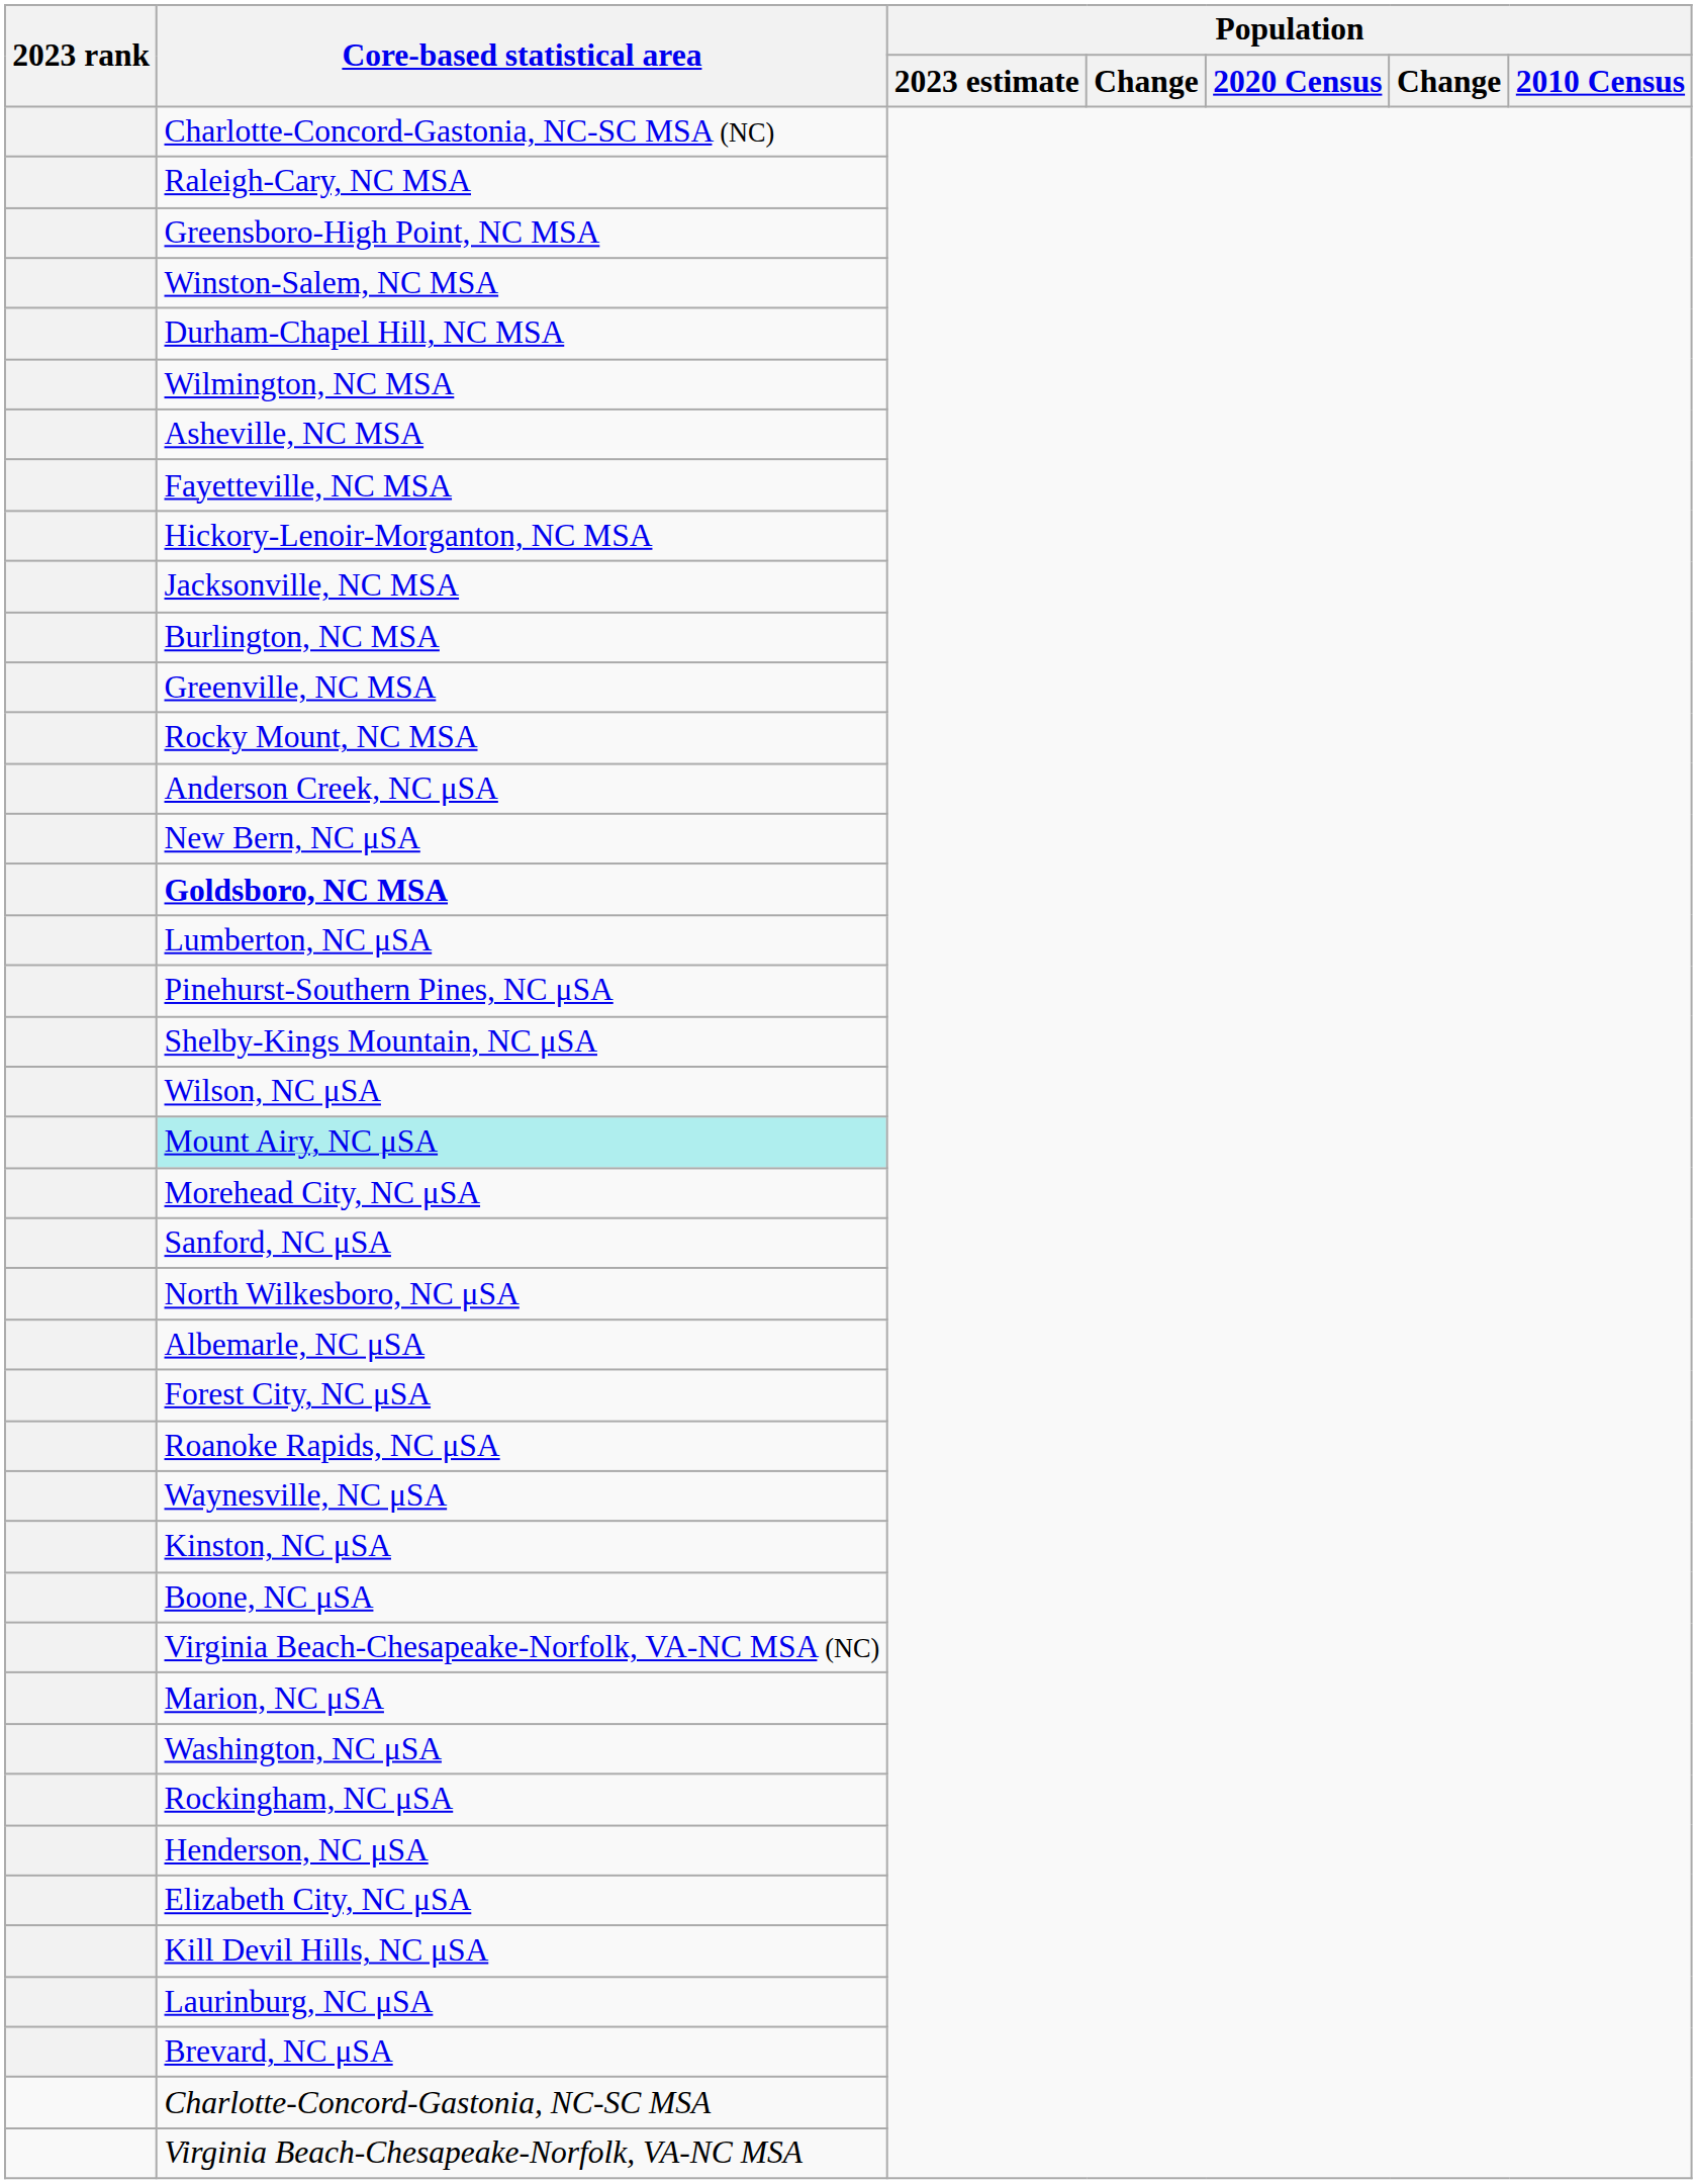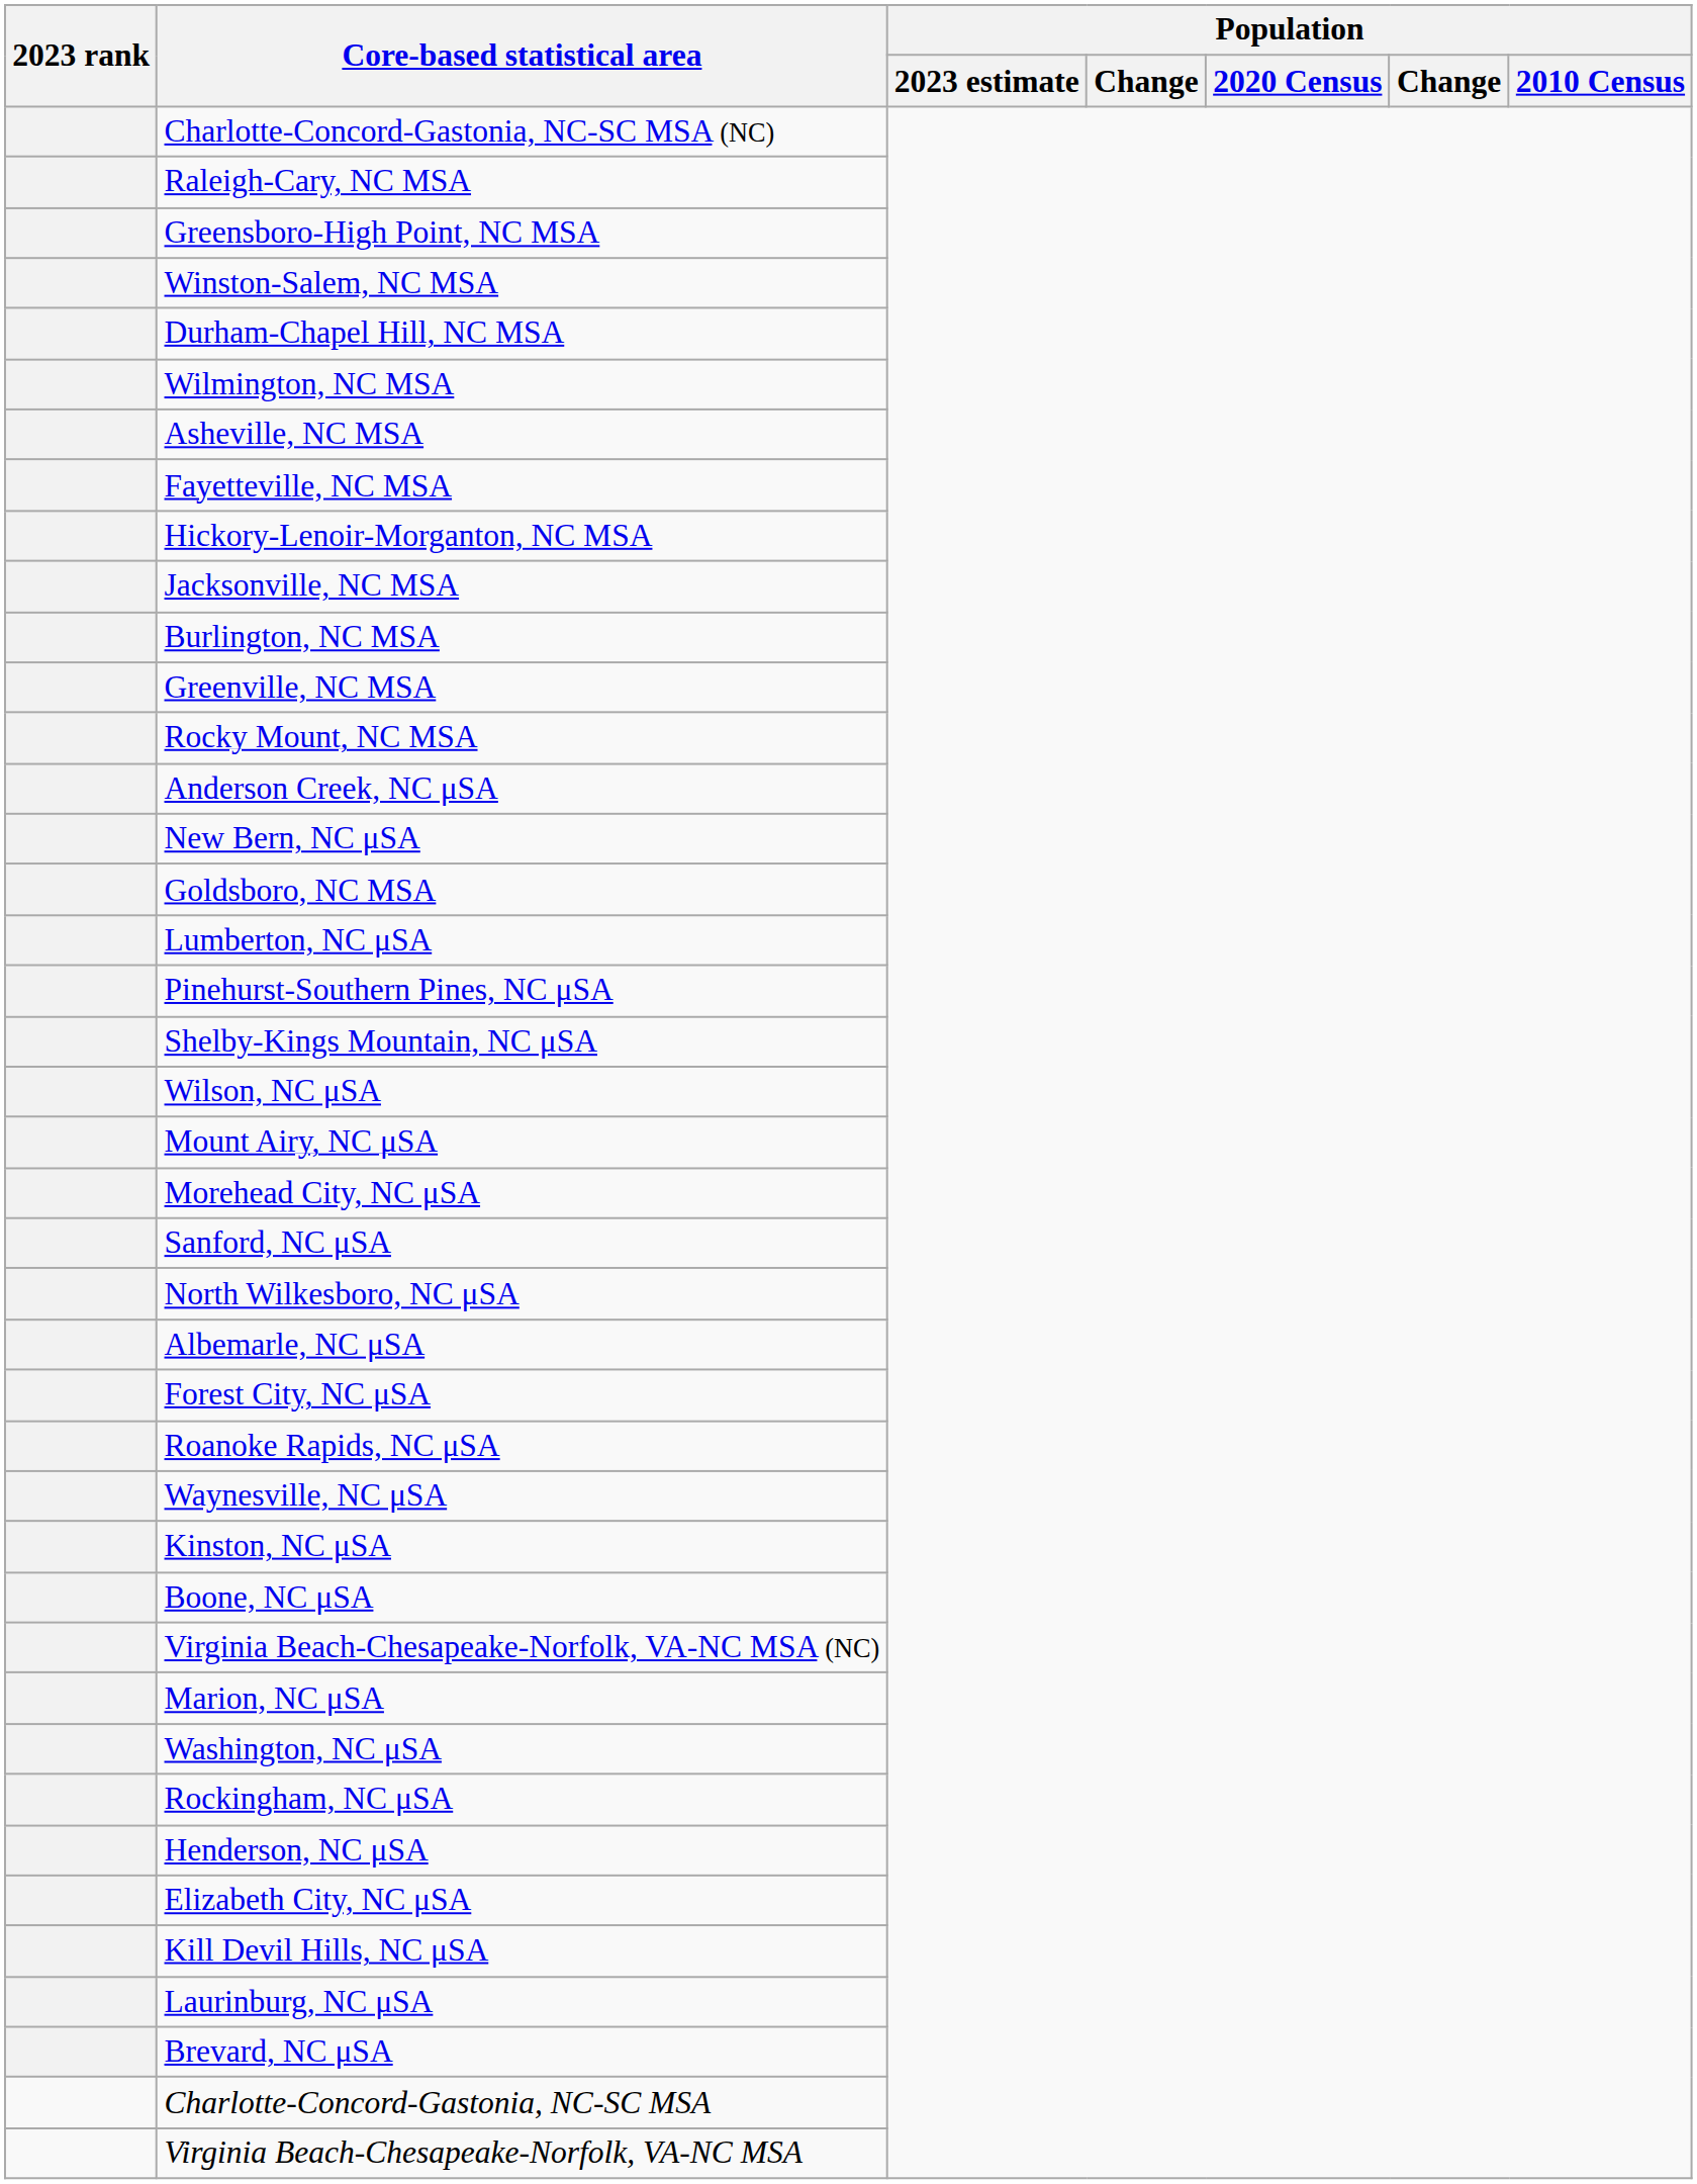 <table class="wikitable sortable">
 <tr>
 <th scope=col rowspan=2>2023 rank</th>
 <th scope=col rowspan=2><a href='#'>Core-based statistical area</a></th>
 <th colspan=5>Population</th>
 </tr>
 <tr>
 <th scope=col>2023 estimate</th>
 <th scope=col>Change</th>
 <th scope=col><a href='#'>2020 Census</a></th>
 <th scope=col>Change</th>
 <th scope=col><a href='#'>2010 Census</a></th>
 </tr>
 <tr>
 <th scope=row></th>
 <td><a href='#'>Charlotte-Concord-Gastonia, NC-SC MSA</a> <small>(NC)</small><br></td>
 </tr>
 <tr>
 <th scope=row></th>
 <td><a href='#'>Raleigh-Cary, NC MSA</a><br></td>
 </tr>
 <tr>
 <th scope=row></th>
 <td><a href='#'>Greensboro-High Point, NC MSA</a><br></td>
 </tr>
 <tr>
 <th scope=row></th>
 <td><a href='#'>Winston-Salem, NC MSA</a><br></td>
 </tr>
 <tr>
 <th scope=row></th>
 <td><a href='#'>Durham-Chapel Hill, NC MSA</a><br></td>
 </tr>
 <tr>
 <th scope=row></th>
 <td><a href='#'>Wilmington, NC MSA</a><br></td>
 </tr>
 <tr>
 <th scope=row></th>
 <td><a href='#'>Asheville, NC MSA</a><br></td>
 </tr>
 <tr>
 <th scope=row></th>
 <td><a href='#'>Fayetteville, NC MSA</a><br></td>
 </tr>
 <tr>
 <th scope=row></th>
 <td><a href='#'>Hickory-Lenoir-Morganton, NC MSA</a><br></td>
 </tr>
 <tr>
 <th scope=row></th>
 <td><a href='#'>Jacksonville, NC MSA</a><br></td>
 </tr>
 <tr>
 <th scope=row></th>
 <td><a href='#'>Burlington, NC MSA</a><br></td>
 </tr>
 <tr>
 <th scope=row></th>
 <td><a href='#'>Greenville, NC MSA</a><br></td>
 </tr>
 <tr>
 <th scope=row></th>
 <td><a href='#'>Rocky Mount, NC MSA</a><br></td>
 </tr>
 <tr>
 <th scope=row></th>
 <td><a href='#'>Anderson Creek, NC μSA</a><br></td>
 </tr>
 <tr>
 <th scope=row></th>
 <td><a href='#'>New Bern, NC μSA</a><br></td>
 </tr>
 <tr>
 <th scope=row></th>
-<td><strong><a href='#'>Goldsboro, NC MSA</a><br></strong></td>
+<td><a href='#'>Goldsboro, NC MSA</a><br></td>
 </tr>
 <tr>
 <th scope=row></th>
 <td><a href='#'>Lumberton, NC μSA</a><br></td>
 </tr>
 <tr>
 <th scope=row></th>
 <td><a href='#'>Pinehurst-Southern Pines, NC μSA</a><br></td>
 </tr>
 <tr>
 <th scope=row></th>
 <td><a href='#'>Shelby-Kings Mountain, NC μSA</a><br></td>
 </tr>
 <tr>
 <th scope=row></th>
 <td><a href='#'>Wilson, NC μSA</a><br></td>
 </tr>
 <tr>
 <th scope=row></th>
-<td style="background: paleturquoise;"><a href='#'>Mount Airy, NC μSA</a><br></td>
+<td><a href='#'>Mount Airy, NC μSA</a><br></td>
 </tr>
 <tr>
 <th scope=row></th>
 <td><a href='#'>Morehead City, NC μSA</a><br></td>
 </tr>
 <tr>
 <th scope=row></th>
 <td><a href='#'>Sanford, NC μSA</a><br></td>
 </tr>
 <tr>
 <th scope=row></th>
 <td><a href='#'>North Wilkesboro, NC μSA</a><br></td>
 </tr>
 <tr>
 <th scope=row></th>
 <td><a href='#'>Albemarle, NC μSA</a><br></td>
 </tr>
 <tr>
 <th scope=row></th>
 <td><a href='#'>Forest City, NC μSA</a><br></td>
 </tr>
 <tr>
 <th scope=row></th>
 <td><a href='#'>Roanoke Rapids, NC μSA</a><br></td>
 </tr>
 <tr>
 <th scope=row></th>
 <td><a href='#'>Waynesville, NC μSA</a><br></td>
 </tr>
 <tr>
 <th scope=row></th>
 <td><a href='#'>Kinston, NC μSA</a><br></td>
 </tr>
 <tr>
 <th scope=row></th>
 <td><a href='#'>Boone, NC μSA</a><br></td>
 </tr>
 <tr>
 <th scope=row></th>
 <td><a href='#'>Virginia Beach-Chesapeake-Norfolk, VA-NC MSA</a> <small>(NC)</small><br></td>
 </tr>
 <tr>
 <th scope=row></th>
 <td><a href='#'>Marion, NC μSA</a><br></td>
 </tr>
 <tr>
 <th scope=row></th>
 <td><a href='#'>Washington, NC μSA</a><br></td>
 </tr>
 <tr>
 <th scope=row></th>
 <td><a href='#'>Rockingham, NC μSA</a><br></td>
 </tr>
 <tr>
 <th scope=row></th>
 <td><a href='#'>Henderson, NC μSA</a><br></td>
 </tr>
 <tr>
 <th scope=row></th>
 <td><a href='#'>Elizabeth City, NC μSA</a><br></td>
 </tr>
 <tr>
 <th scope=row></th>
 <td><a href='#'>Kill Devil Hills, NC μSA</a><br></td>
 </tr>
 <tr>
 <th scope=row></th>
 <td><a href='#'>Laurinburg, NC μSA</a><br></td>
 </tr>
 <tr>
 <th scope=row></th>
 <td><a href='#'>Brevard, NC μSA</a><br></td>
 </tr>
 <tr>
 <td></td>
 <td><em><span>Charlotte-Concord-Gastonia, NC-SC MSA</span></em><br></td>
 </tr>
 <tr>
 <td></td>
 <td><em><span>Virginia Beach-Chesapeake-Norfolk, VA-NC MSA</span></em><br></td>
 </tr>
 </table>
